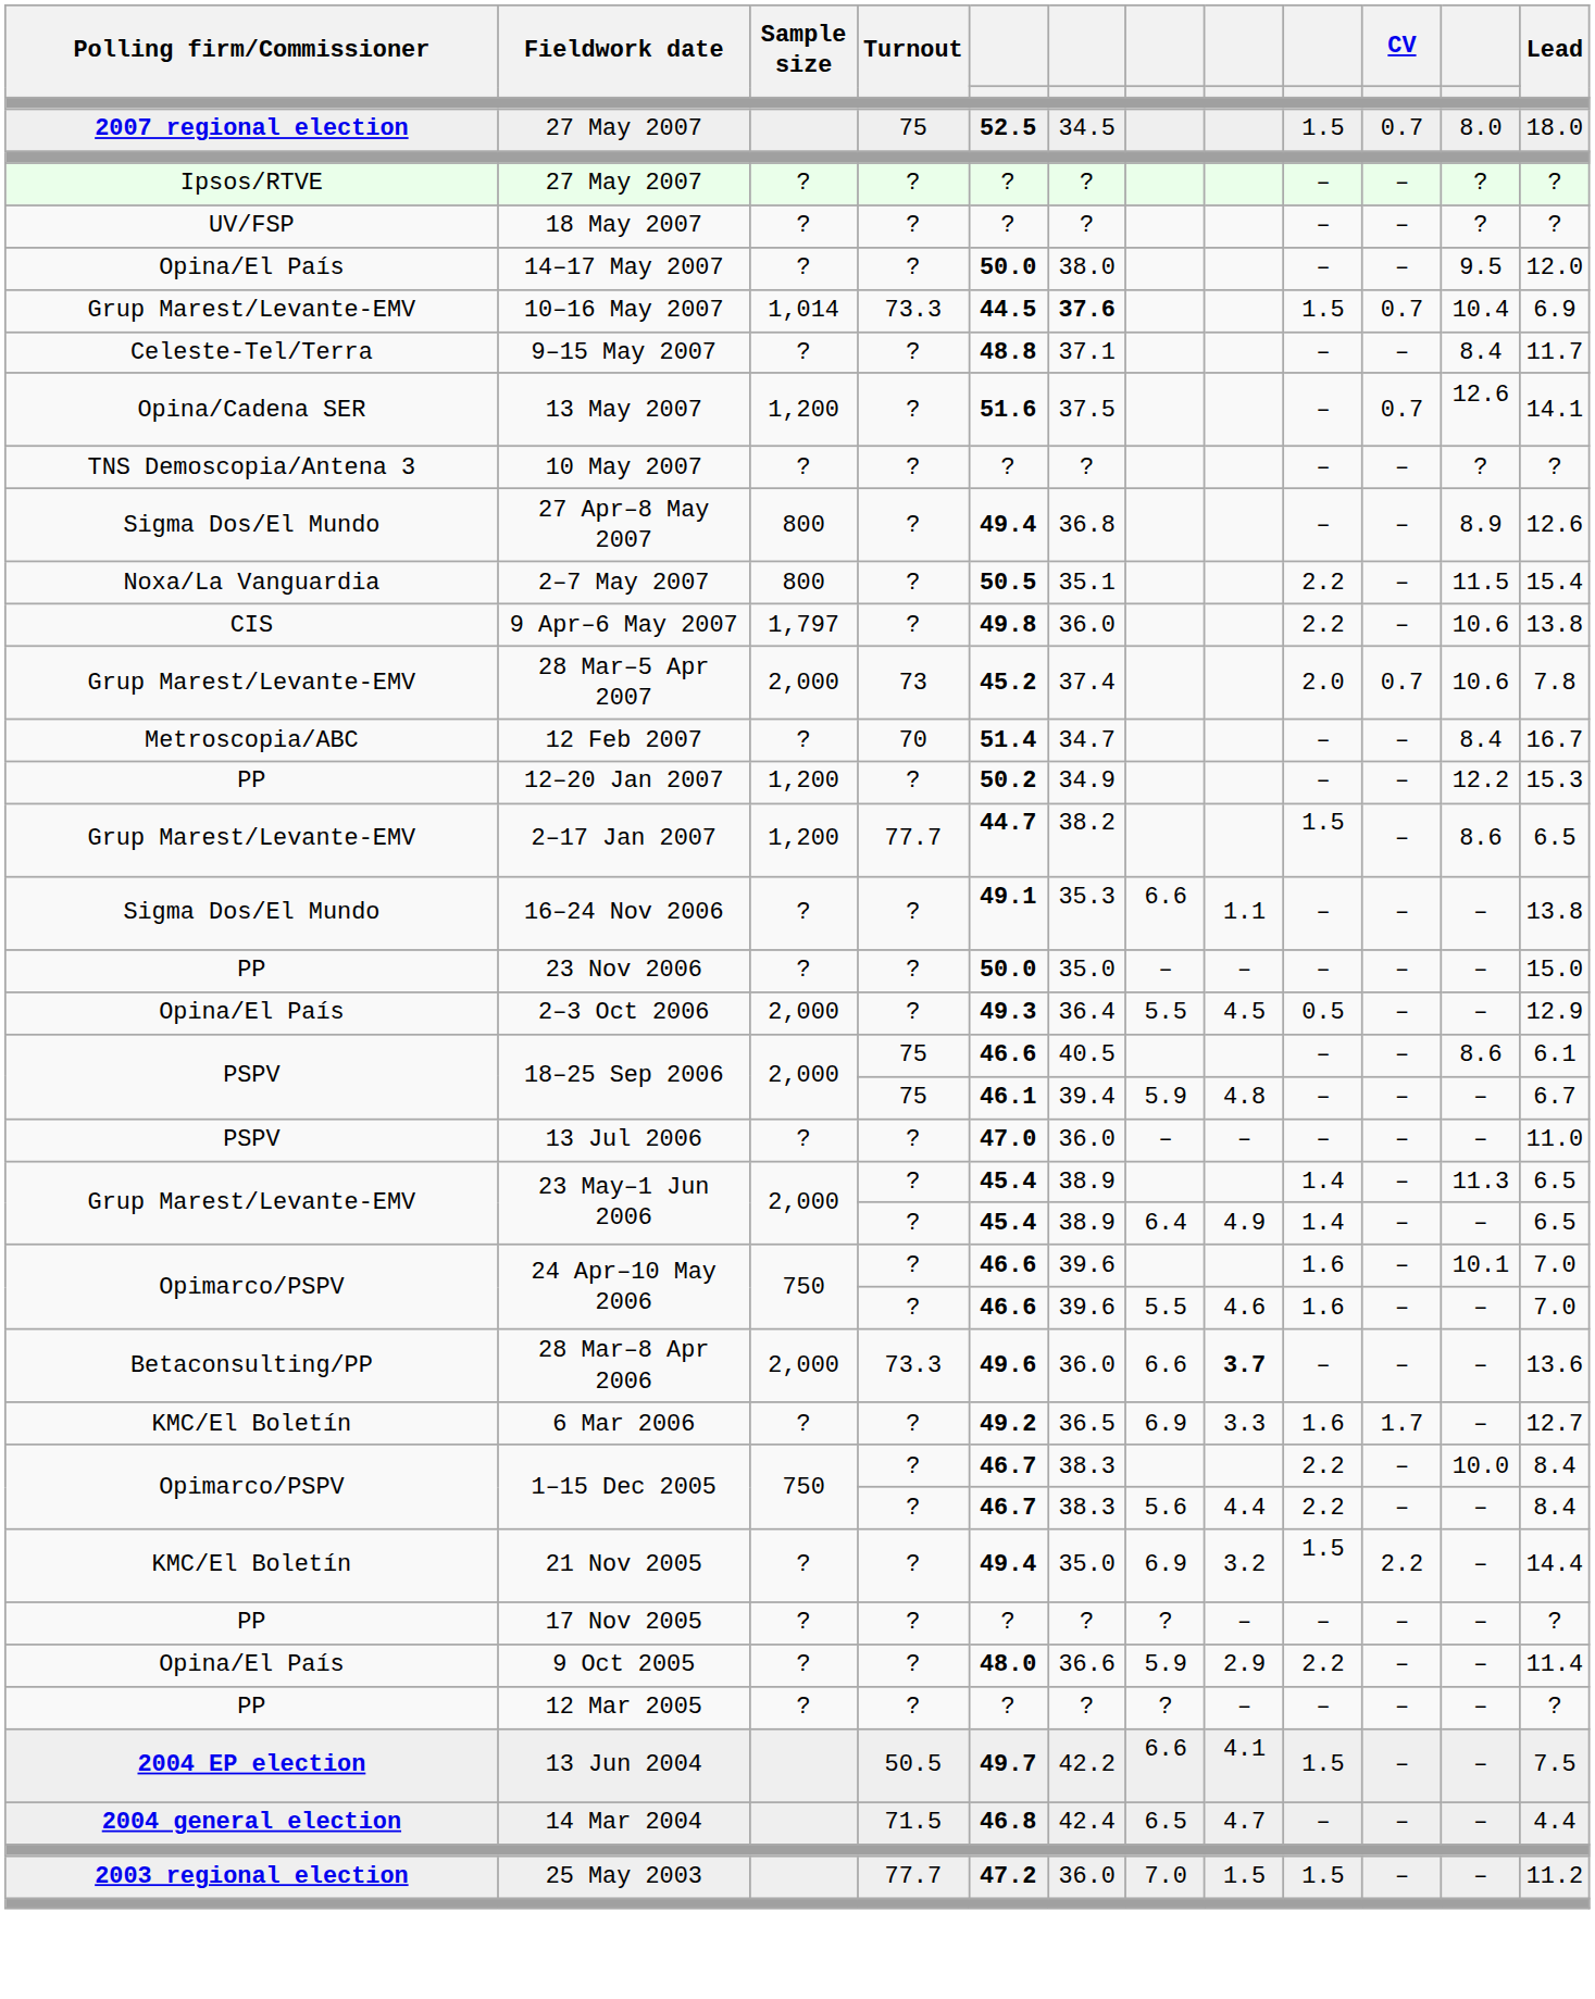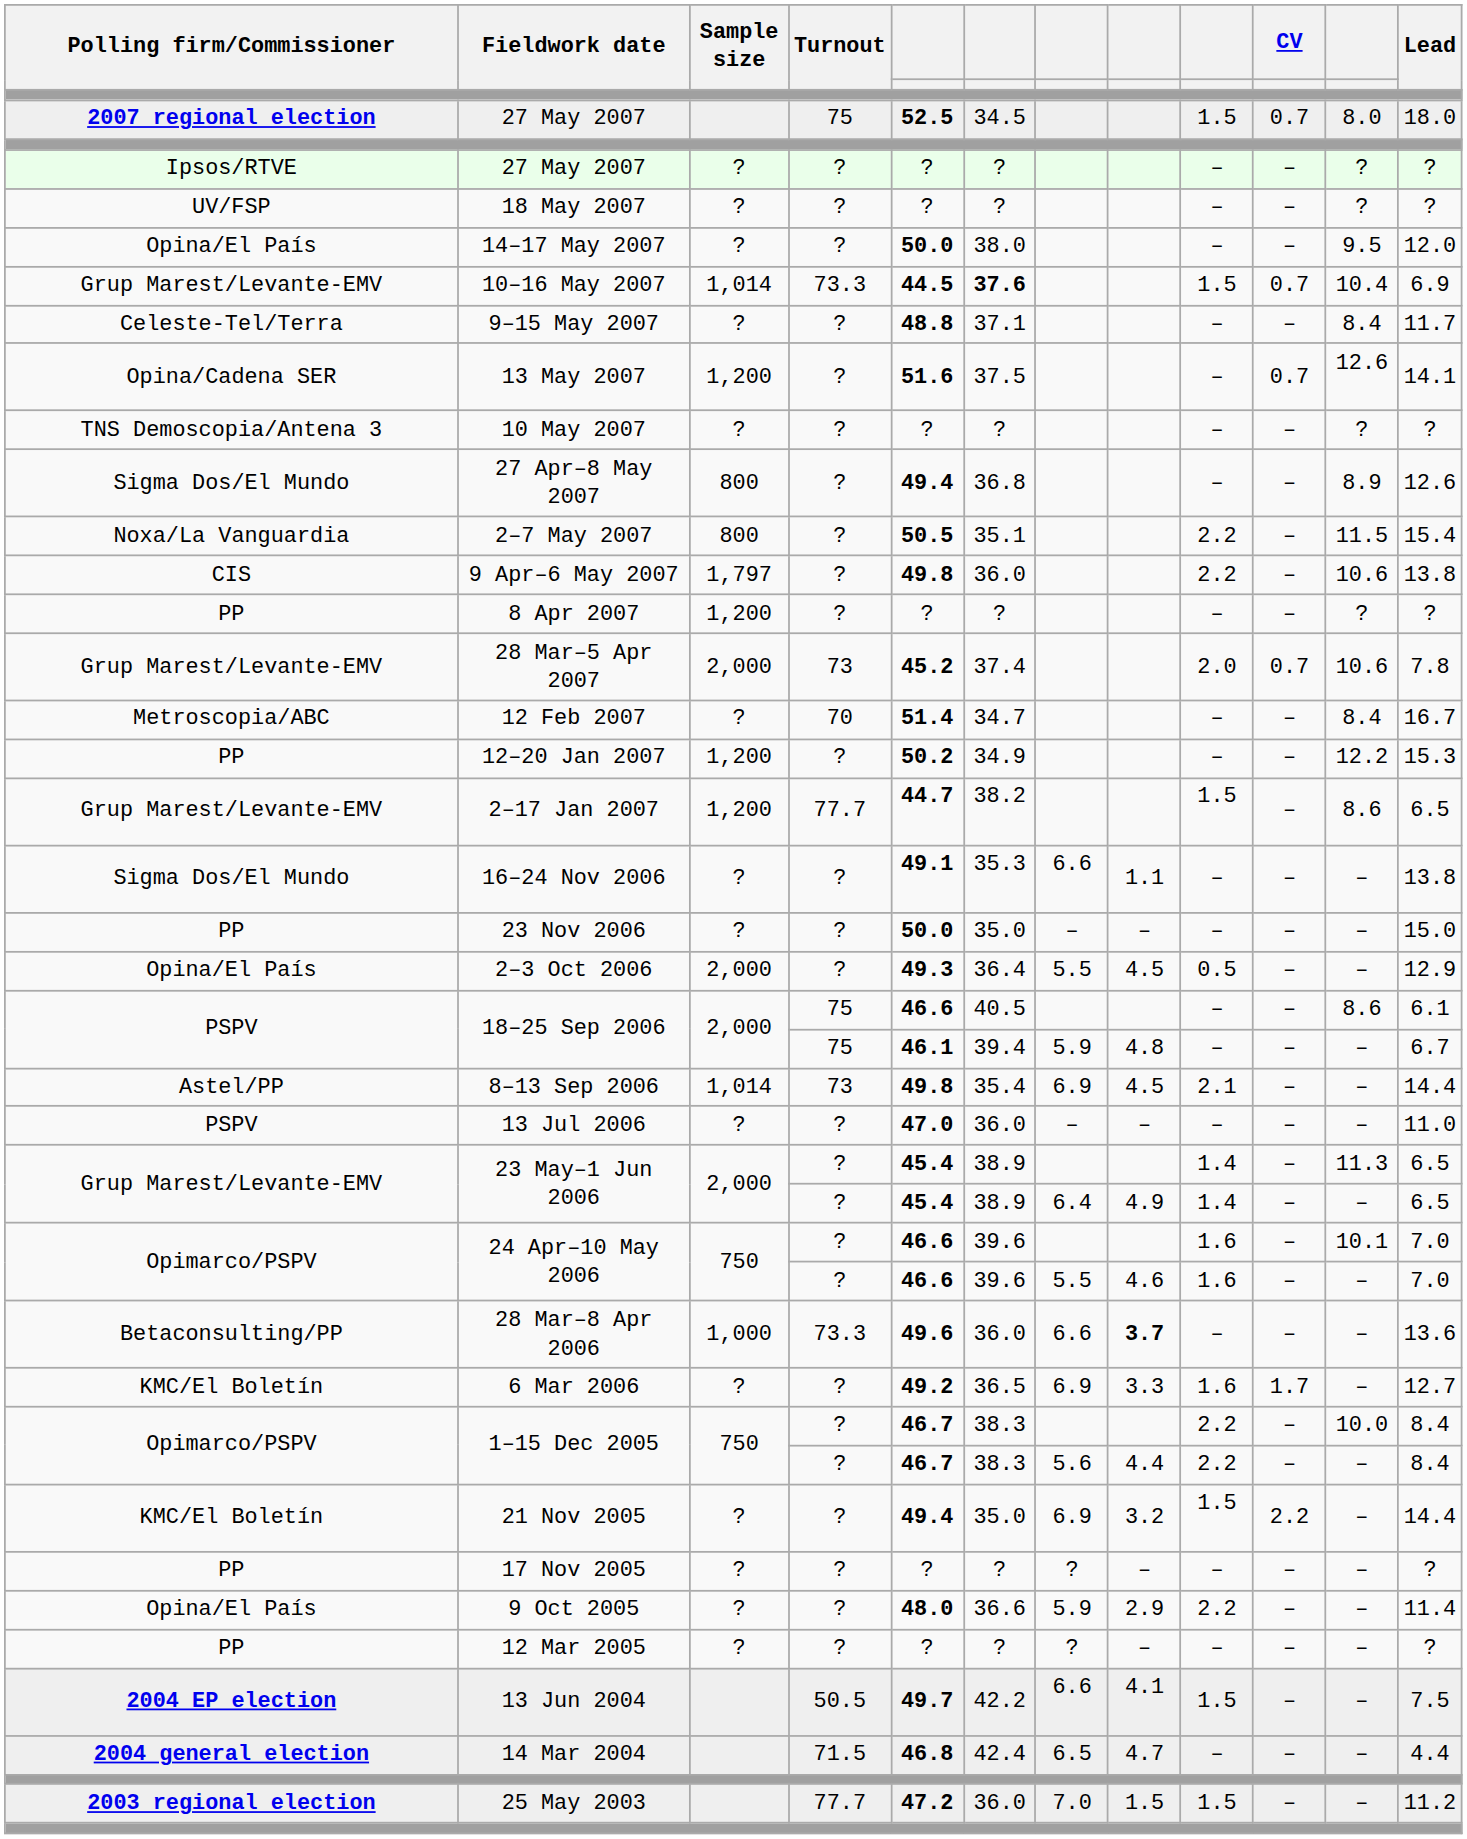 <table class="wikitable collapsible collapsed" style="text-align:center; font-size:95%; line-height:16px;">
 <tr style="height:42px;">
 <th style="width:250px;" rowspan="2">Polling firm/Commissioner</th>
 <th style="width:125px;" rowspan="2">Fieldwork date</th>
 <th style="width:50px;" rowspan="2">Sample size</th>
 <th style="width:45px;" rowspan="2">Turnout</th>
 <th style="width:35px;"></th>
 <th style="width:35px;"></th>
 <th style="width:35px;"></th>
 <th style="width:35px;"></th>
 <th style="width:35px;"></th>
 <th style="width:35px;"><a href='#'>CV</a></th>
 <th style="width:35px;"></th>
 <th style="width:30px;" rowspan="2">Lead</th>
 </tr>
 <tr>
 <th style="color:inherit;background:"></th>
 <th style="color:inherit;background:"></th>
 <th style="color:inherit;background:"></th>
 <th style="color:inherit;background:"></th>
 <th style="color:inherit;background:"></th>
 <th style="color:inherit;background:"></th>
 <th style="color:inherit;background:"></th>
 </tr>
 <tr>
 <td colspan="12" style="background:#A0A0A0"></td>
 </tr>
 <tr style="background:#EFEFEF;">
 <td><strong><a href='#'>2007 regional election</a></strong></td>
 <td>27 May 2007</td>
 <td></td>
 <td>75</td>
 <td><strong>52.5</strong><br></td>
 <td>34.5<br></td>
 <td></td>
 <td></td>
 <td>1.5</td>
 <td>0.7<br></td>
 <td>8.0<br></td>
 <td style="background:">18.0</td>
 </tr>
 <tr>
 <td colspan="12" style="background:#A0A0A0"></td>
 </tr>
 <tr style="background:#EAFFEA;">
 <td>Ipsos/RTVE</td>
 <td>27 May 2007</td>
 <td>?</td>
 <td>?</td>
 <td>?<br></td>
 <td>?<br></td>
 <td></td>
 <td></td>
 <td>–</td>
 <td>–</td>
 <td>?<br></td>
 <td style="background:">?</td>
 </tr>
 <tr>
 <td>UV/FSP</td>
 <td>18 May 2007</td>
 <td>?</td>
 <td>?</td>
 <td>?<br></td>
 <td>?<br></td>
 <td></td>
 <td></td>
 <td>–</td>
 <td>–</td>
 <td>?<br></td>
 <td style="background:">?</td>
 </tr>
 <tr>
 <td>Opina/El País</td>
 <td>14–17 May 2007</td>
 <td>?</td>
 <td>?</td>
 <td><strong>50.0</strong><br></td>
 <td>38.0<br></td>
 <td></td>
 <td></td>
 <td>–</td>
 <td>–</td>
 <td>9.5<br></td>
 <td style="background:">12.0</td>
 </tr>
 <tr>
 <td>Grup Marest/Levante-EMV</td>
 <td>10–16 May 2007</td>
 <td>1,014</td>
 <td>73.3</td>
 <td><strong>44.5</strong><br></td>
 <td><strong>37.6<br></strong></td>
 <td></td>
 <td></td>
 <td>1.5</td>
 <td>0.7<br></td>
 <td>10.4<br></td>
 <td style="background:">6.9</td>
 </tr>
 <tr>
 <td>Celeste-Tel/Terra</td>
 <td>9–15 May 2007</td>
 <td>?</td>
 <td>?</td>
 <td><strong>48.8</strong><br></td>
 <td>37.1<br></td>
 <td></td>
 <td></td>
 <td>–</td>
 <td>–</td>
 <td>8.4<br></td>
 <td style="background:">11.7</td>
 </tr>
 <tr>
 <td>Opina/Cadena SER</td>
 <td>13 May 2007</td>
 <td>1,200</td>
 <td>?</td>
 <td><strong>51.6</strong><br></td>
 <td>37.5<br></td>
 <td></td>
 <td></td>
 <td>–</td>
 <td>0.7<br></td>
 <td>12.6<br><br></td>
 <td style="background:">14.1</td>
 </tr>
 <tr>
 <td>TNS Demoscopia/Antena 3</td>
 <td>10 May 2007</td>
 <td>?</td>
 <td>?</td>
 <td>?<br></td>
 <td>?<br></td>
 <td></td>
 <td></td>
 <td>–</td>
 <td>–</td>
 <td>?<br></td>
 <td style="background:">?</td>
 </tr>
 <tr>
 <td>Sigma Dos/El Mundo</td>
 <td>27 Apr–8 May 2007</td>
 <td>800</td>
 <td>?</td>
 <td><strong>49.4</strong><br></td>
 <td>36.8<br></td>
 <td></td>
 <td></td>
 <td>–</td>
 <td>–</td>
 <td>8.9<br></td>
 <td style="background:">12.6</td>
 </tr>
 <tr>
 <td>Noxa/La Vanguardia</td>
 <td>2–7 May 2007</td>
 <td>800</td>
 <td>?</td>
 <td><strong>50.5</strong><br></td>
 <td>35.1<br></td>
 <td></td>
 <td></td>
 <td>2.2<br></td>
 <td>–</td>
 <td>11.5<br></td>
 <td style="background:">15.4</td>
 </tr>
 <tr>
 <td>CIS</td>
 <td>9 Apr–6 May 2007</td>
 <td>1,797</td>
 <td>?</td>
 <td><strong>49.8</strong><br></td>
 <td>36.0<br></td>
 <td></td>
 <td></td>
 <td>2.2</td>
 <td>–</td>
 <td>10.6<br></td>
 <td style="background:">13.8</td>
 </tr>
 <tr>
+<td>PP</td>
+<td>8 Apr 2007</td>
+<td>1,200</td>
+<td>?</td>
+<td>?<br></td>
+<td>?<br></td>
+<td></td>
+<td></td>
+<td>–</td>
+<td>–</td>
+<td>?<br></td>
+<td style="background:">?</td>
+</tr>
+<tr>
 <td>Grup Marest/Levante-EMV</td>
 <td>28 Mar–5 Apr 2007</td>
 <td>2,000</td>
 <td>73</td>
 <td><strong>45.2</strong><br></td>
 <td>37.4<br></td>
 <td></td>
 <td></td>
 <td>2.0<br></td>
 <td>0.7<br></td>
 <td>10.6<br></td>
 <td style="background:">7.8</td>
 </tr>
 <tr>
 <td>Metroscopia/ABC</td>
 <td>12 Feb 2007</td>
 <td>?</td>
 <td>70</td>
 <td><strong>51.4</strong><br></td>
 <td>34.7<br></td>
 <td></td>
 <td></td>
 <td>–</td>
 <td>–</td>
 <td>8.4<br></td>
 <td style="background:">16.7</td>
 </tr>
 <tr>
 <td>PP</td>
 <td>12–20 Jan 2007</td>
 <td>1,200</td>
 <td>?</td>
 <td><strong>50.2</strong><br></td>
 <td>34.9<br></td>
 <td></td>
 <td></td>
 <td>–</td>
 <td>–</td>
 <td>12.2<br></td>
 <td style="background:">15.3</td>
 </tr>
 <tr>
 <td>Grup Marest/Levante-EMV</td>
 <td>2–17 Jan 2007</td>
 <td>1,200</td>
 <td>77.7</td>
 <td><strong>44.7</strong><br><br></td>
 <td>38.2<br><br></td>
 <td></td>
 <td></td>
 <td>1.5<br><br></td>
 <td>–</td>
 <td>8.6<br></td>
 <td style="background:">6.5</td>
 </tr>
 <tr>
 <td>Sigma Dos/El Mundo</td>
 <td>16–24 Nov 2006</td>
 <td>?</td>
 <td>?</td>
 <td><strong>49.1</strong><br><br></td>
 <td>35.3<br><br></td>
 <td>6.6<br><br></td>
 <td>1.1<br></td>
 <td>–</td>
 <td>–</td>
 <td>–</td>
 <td style="background:">13.8</td>
 </tr>
 <tr>
 <td>PP</td>
 <td>23 Nov 2006</td>
 <td>?</td>
 <td>?</td>
 <td><strong>50.0</strong></td>
 <td>35.0</td>
 <td>–</td>
 <td>–</td>
 <td>–</td>
 <td>–</td>
 <td>–</td>
 <td style="background:">15.0</td>
 </tr>
 <tr>
 <td>Opina/El País</td>
 <td>2–3 Oct 2006</td>
 <td>2,000</td>
 <td>?</td>
 <td><strong>49.3</strong></td>
 <td>36.4</td>
 <td>5.5<br></td>
 <td>4.5</td>
 <td>0.5<br></td>
 <td>–</td>
 <td>–</td>
 <td style="background:">12.9</td>
 </tr>
 <tr>
 <td rowspan="2">PSPV</td>
 <td rowspan="2">18–25 Sep 2006</td>
 <td rowspan="2">2,000</td>
 <td>75</td>
 <td><strong>46.6</strong><br></td>
 <td>40.5<br></td>
 <td></td>
 <td></td>
 <td>–</td>
 <td>–</td>
 <td>8.6<br></td>
 <td style="background:">6.1</td>
 </tr>
 <tr>
 <td>75</td>
 <td><strong>46.1</strong><br></td>
 <td>39.4<br></td>
 <td>5.9<br></td>
 <td>4.8<br></td>
 <td>–</td>
 <td>–</td>
 <td>–</td>
 <td style="background:">6.7</td>
 </tr>
 <tr>
+<td>Astel/PP</td>
+<td>8–13 Sep 2006</td>
+<td>1,014</td>
+<td>73</td>
+<td><strong>49.8</strong><br></td>
+<td>35.4<br></td>
+<td>6.9<br></td>
+<td>4.5<br></td>
+<td>2.1<br></td>
+<td>–</td>
+<td>–</td>
+<td style="background:">14.4</td>
+</tr>
+<tr>
 <td>PSPV</td>
 <td>13 Jul 2006</td>
 <td>?</td>
 <td>?</td>
 <td><strong>47.0</strong></td>
 <td>36.0</td>
 <td>–</td>
 <td>–</td>
 <td>–</td>
 <td>–</td>
 <td>–</td>
 <td style="background:">11.0</td>
 </tr>
 <tr>
 <td rowspan="2">Grup Marest/Levante-EMV</td>
 <td rowspan="2">23 May–1 Jun 2006</td>
 <td rowspan="2">2,000</td>
 <td>?</td>
 <td><strong>45.4</strong><br></td>
 <td>38.9<br></td>
 <td></td>
 <td></td>
 <td>1.4<br></td>
 <td>–</td>
 <td>11.3<br></td>
 <td style="background:">6.5</td>
 </tr>
 <tr>
 <td>?</td>
 <td><strong>45.4</strong><br></td>
 <td>38.9<br></td>
 <td>6.4<br></td>
 <td>4.9<br></td>
 <td>1.4<br></td>
 <td>–</td>
 <td>–</td>
 <td style="background:">6.5</td>
 </tr>
 <tr>
 <td rowspan="2">Opimarco/PSPV</td>
 <td rowspan="2">24 Apr–10 May 2006</td>
 <td rowspan="2">750</td>
 <td>?</td>
 <td><strong>46.6</strong><br></td>
 <td>39.6<br></td>
 <td></td>
 <td></td>
 <td>1.6<br></td>
 <td>–</td>
 <td>10.1<br></td>
 <td style="background:">7.0</td>
 </tr>
 <tr>
 <td>?</td>
 <td><strong>46.6</strong><br></td>
 <td>39.6<br></td>
 <td>5.5<br></td>
 <td>4.6<br></td>
 <td>1.6<br></td>
 <td>–</td>
 <td>–</td>
 <td style="background:">7.0</td>
 </tr>
 <tr>
 <td>Betaconsulting/PP</td>
 <td>28 Mar–8 Apr 2006</td>
-<td>2,000</td>
+<td>1,000</td>
 <td>73.3</td>
 <td><strong>49.6</strong><br></td>
 <td>36.0<br></td>
 <td>6.6<br></td>
 <td><strong>3.7<br></strong></td>
 <td>–</td>
 <td>–</td>
 <td>–</td>
 <td style="background:">13.6</td>
 </tr>
 <tr>
 <td>KMC/El Boletín</td>
 <td>6 Mar 2006</td>
 <td>?</td>
 <td>?</td>
 <td><strong>49.2</strong></td>
 <td>36.5</td>
 <td>6.9<br></td>
 <td>3.3</td>
 <td>1.6<br></td>
 <td>1.7</td>
 <td>–</td>
 <td style="background:">12.7</td>
 </tr>
 <tr>
 <td rowspan="2">Opimarco/PSPV</td>
 <td rowspan="2">1–15 Dec 2005</td>
 <td rowspan="2">750</td>
 <td>?</td>
 <td><strong>46.7</strong><br></td>
 <td>38.3<br></td>
 <td></td>
 <td></td>
 <td>2.2</td>
 <td>–</td>
 <td>10.0<br></td>
 <td style="background:">8.4</td>
 </tr>
 <tr>
 <td>?</td>
 <td><strong>46.7</strong><br></td>
 <td>38.3<br></td>
 <td>5.6<br></td>
 <td>4.4<br></td>
 <td>2.2<br></td>
 <td>–</td>
 <td>–</td>
 <td style="background:">8.4</td>
 </tr>
 <tr>
 <td>KMC/El Boletín</td>
 <td>21 Nov 2005</td>
 <td>?</td>
 <td>?</td>
 <td><strong>49.4</strong></td>
 <td>35.0</td>
 <td>6.9</td>
 <td>3.2</td>
 <td>1.5<br><br></td>
 <td>2.2</td>
 <td>–</td>
 <td style="background:">14.4</td>
 </tr>
 <tr>
 <td>PP</td>
 <td>17 Nov 2005</td>
 <td>?</td>
 <td>?</td>
 <td>?<br></td>
 <td>?<br></td>
 <td>?<br></td>
 <td>–</td>
 <td>–</td>
 <td>–</td>
 <td>–</td>
 <td style="background:">?</td>
 </tr>
 <tr>
 <td>Opina/El País</td>
 <td>9 Oct 2005</td>
 <td>?</td>
 <td>?</td>
 <td><strong>48.0</strong></td>
 <td>36.6</td>
 <td>5.9<br></td>
 <td>2.9</td>
 <td>2.2<br></td>
 <td>–</td>
 <td>–</td>
 <td style="background:">11.4</td>
 </tr>
 <tr>
 <td>PP</td>
 <td>12 Mar 2005</td>
 <td>?</td>
 <td>?</td>
 <td>?<br></td>
 <td>?<br></td>
 <td>?<br></td>
 <td>–</td>
 <td>–</td>
 <td>–</td>
 <td>–</td>
 <td style="background:">?</td>
 </tr>
 <tr style="background:#EFEFEF;">
 <td><strong><a href='#'>2004 EP election</a></strong></td>
 <td>13 Jun 2004</td>
 <td></td>
 <td>50.5</td>
 <td><strong>49.7</strong><br></td>
 <td>42.2<br></td>
 <td>6.6<br><br></td>
 <td>4.1<br><br></td>
 <td>1.5</td>
 <td>–</td>
 <td>–</td>
 <td style="background:">7.5</td>
 </tr>
 <tr style="background:#EFEFEF;">
 <td><strong><a href='#'>2004 general election</a></strong></td>
 <td>14 Mar 2004</td>
 <td></td>
 <td>71.5</td>
 <td><strong>46.8</strong><br></td>
 <td>42.4<br></td>
 <td>6.5</td>
 <td>4.7<br></td>
 <td>–</td>
 <td>–</td>
 <td>–</td>
 <td style="background:">4.4</td>
 </tr>
 <tr>
 <td colspan="12" style="background:#A0A0A0"></td>
 </tr>
 <tr style="background:#EFEFEF;">
 <td><strong><a href='#'>2003 regional election</a></strong></td>
 <td>25 May 2003</td>
 <td></td>
 <td>77.7</td>
 <td><strong>47.2</strong><br></td>
 <td>36.0<br></td>
 <td>7.0</td>
 <td>1.5<br></td>
 <td>1.5</td>
 <td>–</td>
 <td>–</td>
 <td style="background:">11.2</td>
 </tr>
 <tr>
 <td colspan="12" style="background:#A0A0A0"></td>
 </tr>
 </table>
